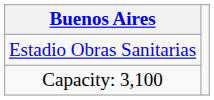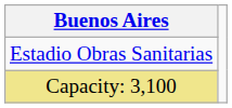 <table class="wikitable" style="text-align:center;">
 <tr>
 <th><a href='#'>Buenos Aires</a></th>
 <td rowspan="4"><br></td>
 </tr>
 <tr>
 <td><a href='#'>Estadio Obras Sanitarias</a></td>
 </tr>
 <tr>
-<td>Capacity: 3,100</td>
+<td style="background: khaki;">Capacity: 3,100</td>
 </tr>
 </table>
